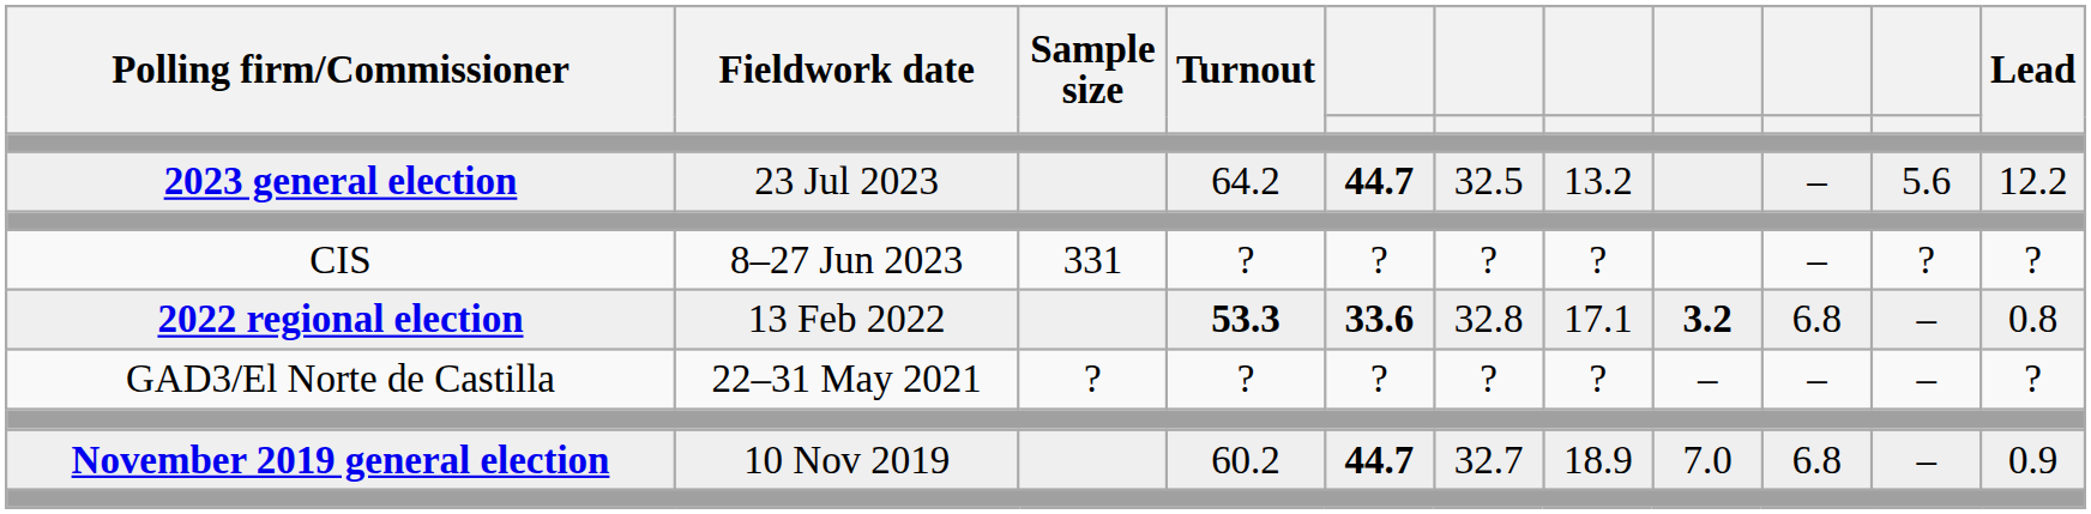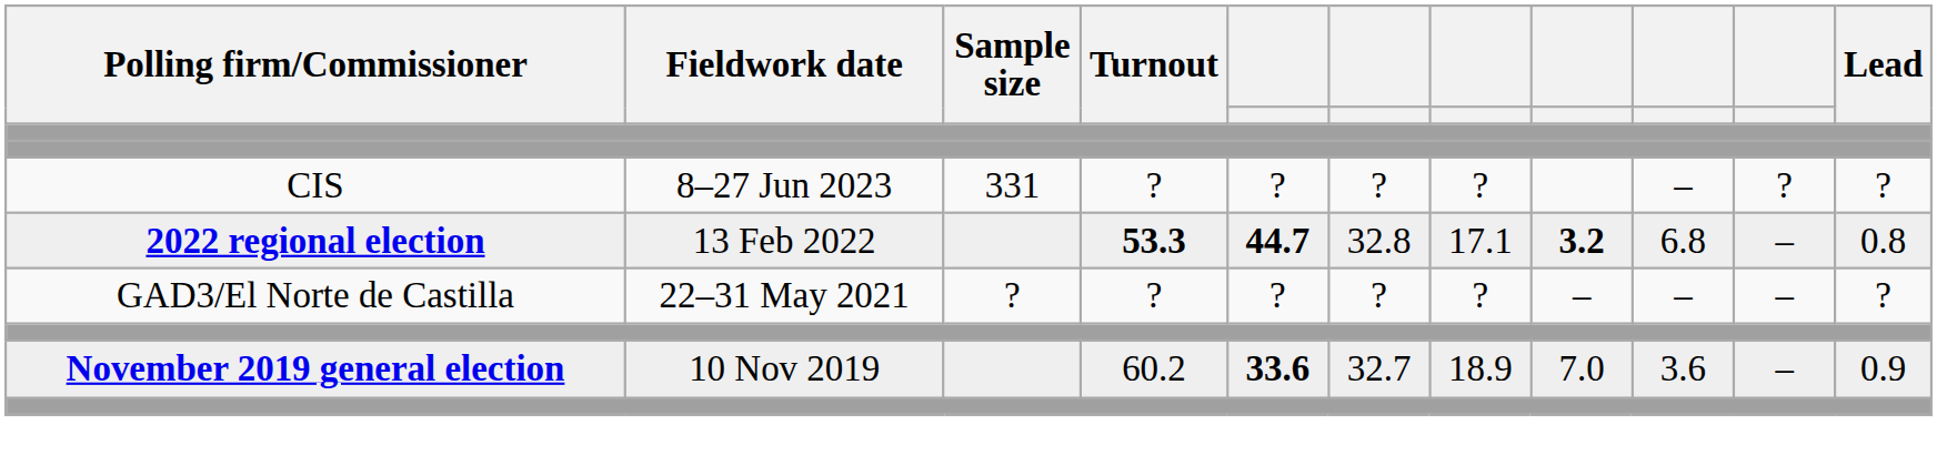 <table class="wikitable collapsible collapsed" style="text-align:center; font-size:95%; line-height:16px;">
 <tr style="height:42px;">
 <th style="width:250px;" rowspan="2">Polling firm/Commissioner</th>
 <th style="width:125px;" rowspan="2">Fieldwork date</th>
 <th style="width:50px;" rowspan="2">Sample size</th>
 <th style="width:45px;" rowspan="2">Turnout</th>
 <th style="width:35px;"></th>
 <th style="width:35px;"></th>
 <th style="width:35px;"></th>
 <th style="width:35px;"></th>
 <th style="width:35px;"></th>
 <th style="width:35px;"></th>
 <th style="width:30px;" rowspan="2">Lead</th>
 </tr>
 <tr>
 <th style="color:inherit;background:"></th>
 <th style="color:inherit;background:"></th>
 <th style="color:inherit;background:"></th>
 <th style="color:inherit;background:"></th>
 <th style="color:inherit;background:"></th>
 <th style="color:inherit;background:"></th>
 </tr>
 <tr>
 <td colspan="11" style="background:#A0A0A0"></td>
 </tr>
-<tr style="background:#EFEFEF;">
-<td><strong><a href='#'>2023 general election</a></strong></td>
-<td>23 Jul 2023</td>
-<td></td>
-<td>64.2</td>
-<td><strong>44.7</strong><br></td>
-<td>32.5<br></td>
-<td>13.2<br></td>
-<td></td>
-<td>–</td>
-<td>5.6<br></td>
-<td style="background:">12.2</td>
-</tr>
 <tr>
 <td colspan="11" style="background:#A0A0A0"></td>
 </tr>
 <tr>
 <td>CIS</td>
 <td>8–27 Jun 2023</td>
 <td>331</td>
 <td>?</td>
 <td>?<br></td>
 <td>?<br></td>
 <td>?<br></td>
 <td></td>
 <td>–</td>
 <td>?<br></td>
 <td style="background:">?</td>
 </tr>
 <tr style="background:#EFEFEF;">
 <td><strong><a href='#'>2022 regional election</a></strong></td>
 <td>13 Feb 2022</td>
 <td></td>
 <td><strong>53.3</strong></td>
-<td><strong>33.6</strong><br></td>
+<td><strong>44.7</strong><br></td>
 <td>32.8<br></td>
 <td>17.1<br></td>
 <td><strong>3.2<br></strong></td>
 <td>6.8<br></td>
 <td>–</td>
 <td style="background:">0.8</td>
 </tr>
 <tr>
 <td>GAD3/El Norte de Castilla</td>
 <td>22–31 May 2021</td>
 <td>?</td>
 <td>?</td>
 <td>?<br></td>
 <td>?<br></td>
 <td>?<br></td>
 <td>–</td>
 <td>–</td>
 <td>–</td>
 <td style="background:">?</td>
 </tr>
 <tr>
 <td colspan="11" style="background:#A0A0A0"></td>
 </tr>
 <tr style="background:#EFEFEF;">
 <td><strong><a href='#'>November 2019 general election</a></strong></td>
 <td>10 Nov 2019</td>
 <td></td>
 <td>60.2</td>
-<td><strong>44.7</strong><br></td>
+<td><strong>33.6</strong><br></td>
 <td>32.7<br></td>
 <td>18.9<br></td>
 <td>7.0<br></td>
-<td>6.8<br></td>
+<td>3.6<br></td>
 <td>–</td>
 <td style="background:">0.9</td>
 </tr>
 <tr>
 <td colspan="11" style="background:#A0A0A0"></td>
 </tr>
 </table>
